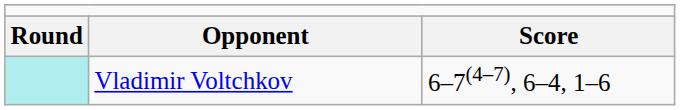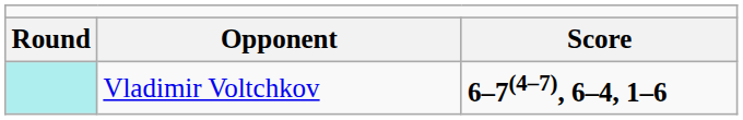 <table class="wikitable" style="font-size:97%">
 <tr>
 <td colspan="3"></td>
 </tr>
 <tr>
 <th>Round</th>
 <th style="width:200px">Opponent</th>
 <th width="150">Score</th>
 </tr>
 <tr>
 <td bgcolor="afeeee"></td>
 <td> <a href='#'>Vladimir Voltchkov</a></td>
-<td>6–7<sup>(4–7)</sup>, 6–4, 1–6</td>
+<td><strong>6–7<sup>(4–7)</sup>, 6–4, 1–6</strong></td>
 </tr>
 </table>
